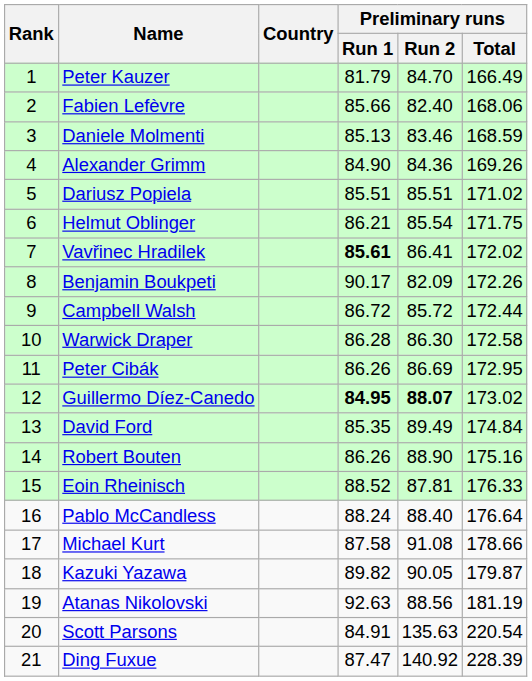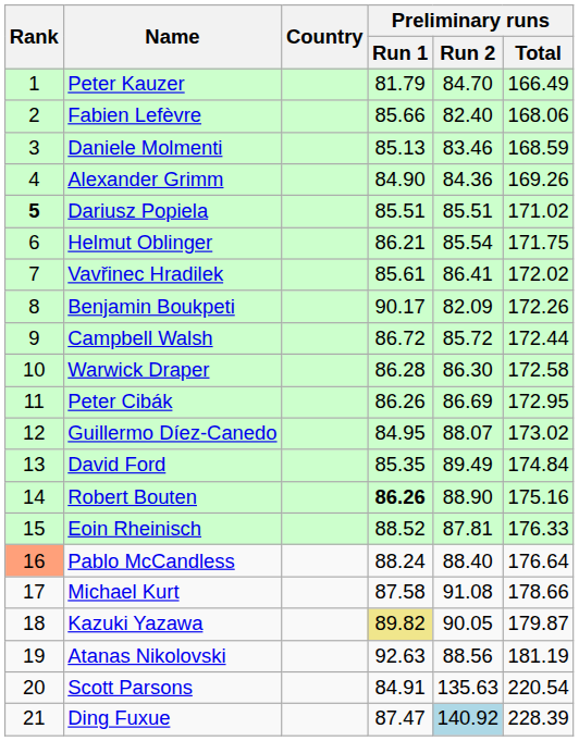 <table class="wikitable sortable" style="text-align:center">
 <tr>
 <th rowspan=2>Rank</th>
 <th rowspan=2>Name</th>
 <th rowspan=2>Country</th>
 <th colspan=3>Preliminary runs</th>
 </tr>
 <tr>
 <th>Run 1</th>
 <th>Run 2</th>
 <th>Total</th>
 </tr>
 <tr align=center style="background:#ccffcc;">
 <td>1</td>
 <td align=left><a href='#'>Peter Kauzer</a></td>
 <td></td>
 <td>81.79</td>
 <td>84.70</td>
 <td>166.49</td>
 </tr>
 <tr align=center style="background:#ccffcc;">
 <td>2</td>
 <td align=left><a href='#'>Fabien Lefèvre</a></td>
 <td></td>
 <td>85.66</td>
 <td>82.40</td>
 <td>168.06</td>
 </tr>
 <tr align=center style="background:#ccffcc;">
 <td>3</td>
 <td align=left><a href='#'>Daniele Molmenti</a></td>
 <td></td>
 <td>85.13</td>
 <td>83.46</td>
 <td>168.59</td>
 </tr>
 <tr align=center style="background:#ccffcc;">
 <td>4</td>
 <td align=left><a href='#'>Alexander Grimm</a></td>
 <td></td>
 <td>84.90</td>
 <td>84.36</td>
 <td>169.26</td>
 </tr>
 <tr align=center style="background:#ccffcc;">
-<td>5</td>
+<td><strong>5</strong></td>
 <td align=left><a href='#'>Dariusz Popiela</a></td>
 <td></td>
 <td>85.51</td>
 <td>85.51</td>
 <td>171.02</td>
 </tr>
 <tr align=center style="background:#ccffcc;">
 <td>6</td>
 <td align=left><a href='#'>Helmut Oblinger</a></td>
 <td></td>
 <td>86.21</td>
 <td>85.54</td>
 <td>171.75</td>
 </tr>
 <tr align=center style="background:#ccffcc;">
 <td>7</td>
 <td align=left><a href='#'>Vavřinec Hradilek</a></td>
 <td></td>
-<td><strong>85.61</strong></td>
+<td>85.61</td>
 <td>86.41</td>
 <td>172.02</td>
 </tr>
 <tr align=center style="background:#ccffcc;">
 <td>8</td>
 <td align=left><a href='#'>Benjamin Boukpeti</a></td>
 <td></td>
 <td>90.17</td>
 <td>82.09</td>
 <td>172.26</td>
 </tr>
 <tr align=center style="background:#ccffcc;">
 <td>9</td>
 <td align=left><a href='#'>Campbell Walsh</a></td>
 <td></td>
 <td>86.72</td>
 <td>85.72</td>
 <td>172.44</td>
 </tr>
 <tr align=center style="background:#ccffcc;">
 <td>10</td>
 <td align=left><a href='#'>Warwick Draper</a></td>
 <td></td>
 <td>86.28</td>
 <td>86.30</td>
 <td>172.58</td>
 </tr>
 <tr align=center style="background:#ccffcc;">
 <td>11</td>
 <td align=left><a href='#'>Peter Cibák</a></td>
 <td></td>
 <td>86.26</td>
 <td>86.69</td>
 <td>172.95</td>
 </tr>
 <tr align=center style="background:#ccffcc;">
 <td>12</td>
 <td align=left><a href='#'>Guillermo Díez-Canedo</a></td>
 <td></td>
-<td><strong>84.95</strong></td>
-<td><strong>88.07</strong></td>
+<td>84.95</td>
+<td>88.07</td>
 <td>173.02</td>
 </tr>
 <tr align=center style="background:#ccffcc;">
 <td>13</td>
 <td align=left><a href='#'>David Ford</a></td>
 <td></td>
 <td>85.35</td>
 <td>89.49</td>
 <td>174.84</td>
 </tr>
 <tr align=center style="background:#ccffcc;">
 <td>14</td>
 <td align=left><a href='#'>Robert Bouten</a></td>
 <td></td>
-<td>86.26</td>
+<td><strong>86.26</strong></td>
 <td>88.90</td>
 <td>175.16</td>
 </tr>
 <tr align=center style="background:#ccffcc;">
 <td>15</td>
 <td align=left><a href='#'>Eoin Rheinisch</a></td>
 <td></td>
 <td>88.52</td>
 <td>87.81</td>
 <td>176.33</td>
 </tr>
 <tr>
-<td>16</td>
+<td style="background: lightsalmon;">16</td>
 <td align=left><a href='#'>Pablo McCandless</a></td>
 <td></td>
 <td>88.24</td>
 <td>88.40</td>
 <td>176.64</td>
 </tr>
 <tr>
 <td>17</td>
 <td align=left><a href='#'>Michael Kurt</a></td>
 <td></td>
 <td>87.58</td>
 <td>91.08</td>
 <td>178.66</td>
 </tr>
 <tr>
 <td>18</td>
 <td align=left><a href='#'>Kazuki Yazawa</a></td>
 <td></td>
-<td>89.82</td>
+<td style="background: khaki;">89.82</td>
 <td>90.05</td>
 <td>179.87</td>
 </tr>
 <tr>
 <td>19</td>
 <td align=left><a href='#'>Atanas Nikolovski</a></td>
 <td></td>
 <td>92.63</td>
 <td>88.56</td>
 <td>181.19</td>
 </tr>
 <tr>
 <td>20</td>
 <td align=left><a href='#'>Scott Parsons</a></td>
 <td></td>
 <td>84.91</td>
 <td>135.63</td>
 <td>220.54</td>
 </tr>
 <tr>
 <td>21</td>
 <td align=left><a href='#'>Ding Fuxue</a></td>
 <td></td>
 <td>87.47</td>
-<td>140.92</td>
+<td style="background: lightblue;">140.92</td>
 <td>228.39</td>
 </tr>
 </table>
